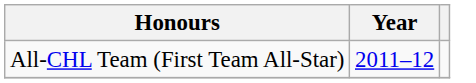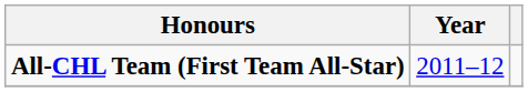 <table class="wikitable">
 <tr>
 <th>Honours</th>
 <th>Year</th>
 <th></th>
 </tr>
 <tr>
-<td>All-<a href='#'>CHL</a> Team (First Team All-Star)</td>
+<td><strong>All-<a href='#'>CHL</a> Team (First Team All-Star)</strong></td>
 <td><a href='#'>2011–12</a></td>
 <td></td>
 </tr>
 <tr>
 </tr>
 </table>
